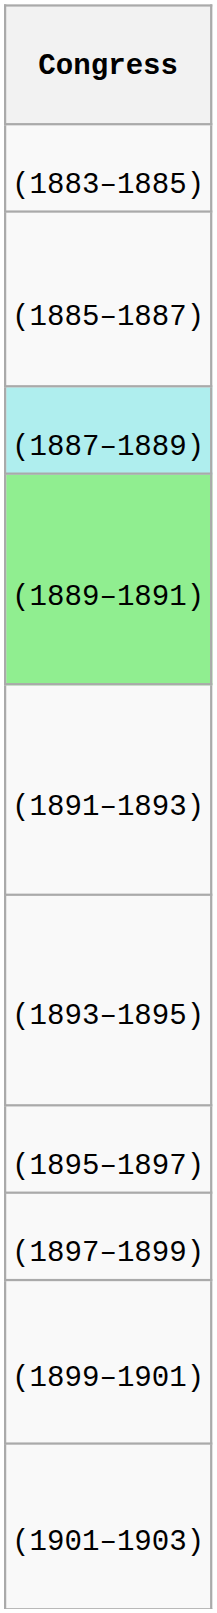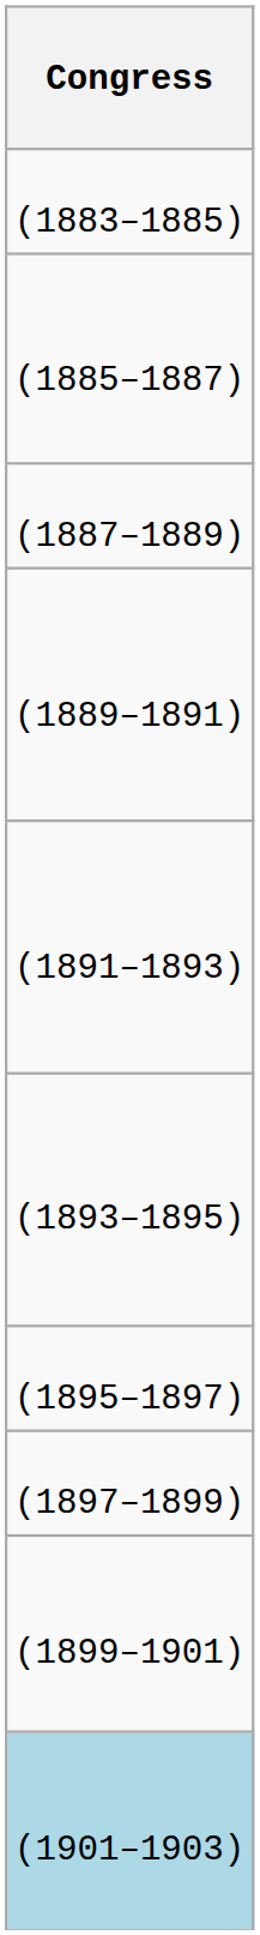 <table class="wikitable" style="float:left; margin:0; margin-right:-0.5px; margin-top:14px; text-align:center;">
 <tr style="white-space:nowrap; height:4.1em;">
 <th>Congress</th>
 </tr>
 <tr style="white-space:nowrap; height:3em;">
 <td><strong></strong><br>(1883–1885)</td>
 </tr>
 <tr style="white-space:nowrap; height:6em">
 <td><strong></strong><br>(1885–1887)</td>
 </tr>
 <tr style="white-space:nowrap; height:3em">
-<td style="background: paleturquoise;"><strong></strong><br>(1887–1889)</td>
+<td><strong></strong><br>(1887–1889)</td>
 </tr>
 <tr style="white-space:nowrap; height:7.22em">
-<td style="background: lightgreen;"><strong></strong><br>(1889–1891)</td>
+<td><strong></strong><br>(1889–1891)</td>
 </tr>
 <tr style="white-space:nowrap; height:7.22em">
 <td><strong></strong><br>(1891–1893)</td>
 </tr>
 <tr style="white-space:nowrap; height:7.22em;">
 <td><strong></strong><br>(1893–1895)</td>
 </tr>
 <tr style="white-space:nowrap; height:3em">
 <td><strong></strong><br>(1895–1897)</td>
 </tr>
 <tr style="white-space:nowrap; height:3em">
 <td><strong></strong><br>(1897–1899)</td>
 </tr>
 <tr style="white-space:nowrap; height:5.64em">
 <td><strong></strong><br>(1899–1901)</td>
 </tr>
 <tr style="white-space:nowrap; height:5.64em">
-<td><strong></strong><br>(1901–1903)</td>
+<td style="background: lightblue;"><strong></strong><br>(1901–1903)</td>
 </tr>
 </table>
